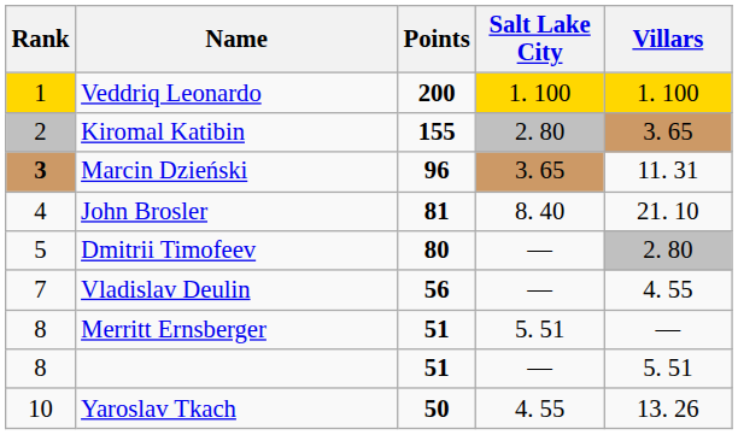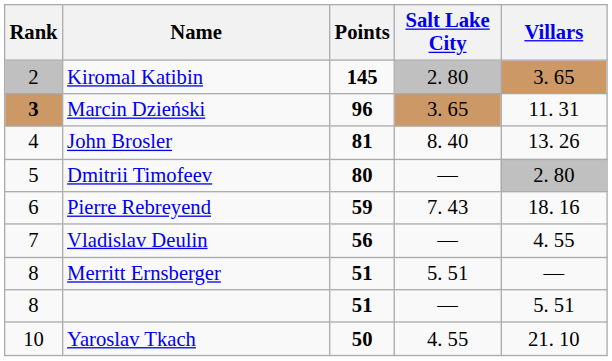 <table class="wikitable sortable">
 <tr>
 <th>Rank</th>
 <th width = "200">Name</th>
 <th>Points</th>
 <th width = "75" data-sort-type="number"><a href='#'>Salt Lake City</a></th>
 <th width = "75" data-sort-type="number"><a href='#'>Villars</a></th>
 </tr>
 <tr>
-<td align="center" style="background: gold">1</td>
-<td> <a href='#'>Veddriq Leonardo</a></td>
-<td align="center"><strong>200</strong></td>
-<td align="center" style="background: gold">1. 100</td>
-<td align="center" style="background: gold">1. 100</td>
-</tr>
-<tr>
 <td align="center" style="background: silver">2</td>
 <td> <a href='#'>Kiromal Katibin</a></td>
-<td align="center"><strong>155</strong></td>
+<td align="center"><strong>145</strong></td>
 <td align="center" style="background: silver">2. 80</td>
 <td align="center" style="background: #cc9966">3. 65</td>
 </tr>
 <tr>
 <td align="center" style="background: #cc9966"><strong>3</strong></td>
 <td> <a href='#'>Marcin Dzieński</a></td>
 <td align="center"><strong>96</strong></td>
 <td align="center" style="background: #cc9966">3. 65</td>
 <td align="center">11. 31</td>
 </tr>
 <tr>
 <td align="center">4</td>
 <td> <a href='#'>John Brosler</a></td>
 <td align="center"><strong>81</strong></td>
 <td align="center">8. 40</td>
-<td align="center">21. 10</td>
+<td align="center">13. 26</td>
 </tr>
 <tr>
 <td align="center">5</td>
 <td> <a href='#'>Dmitrii Timofeev</a></td>
 <td align="center"><strong>80</strong></td>
 <td align="center">—</td>
 <td align="center" style="background: silver">2. 80</td>
+</tr>
+<tr>
+<td align="center">6</td>
+<td> <a href='#'>Pierre Rebreyend</a></td>
+<td align="center"><strong>59</strong></td>
+<td align="center">7. 43</td>
+<td align="center">18. 16</td>
 </tr>
 <tr>
 <td align="center">7</td>
 <td> <a href='#'>Vladislav Deulin</a></td>
 <td align="center"><strong>56</strong></td>
 <td align="center">—</td>
 <td align="center">4. 55</td>
 </tr>
 <tr>
 <td align="center">8</td>
 <td> <a href='#'>Merritt Ernsberger</a></td>
 <td align="center"><strong>51</strong></td>
 <td align="center">5. 51</td>
 <td align="center">—</td>
 </tr>
 <tr>
 <td align="center">8</td>
 <td></td>
 <td align="center"><strong>51</strong></td>
 <td align="center">—</td>
 <td align="center">5. 51</td>
 </tr>
 <tr>
 <td align="center">10</td>
 <td> <a href='#'>Yaroslav Tkach</a></td>
 <td align="center"><strong>50</strong></td>
 <td align="center">4. 55</td>
-<td align="center">13. 26</td>
+<td align="center">21. 10</td>
 </tr>
 </table>
